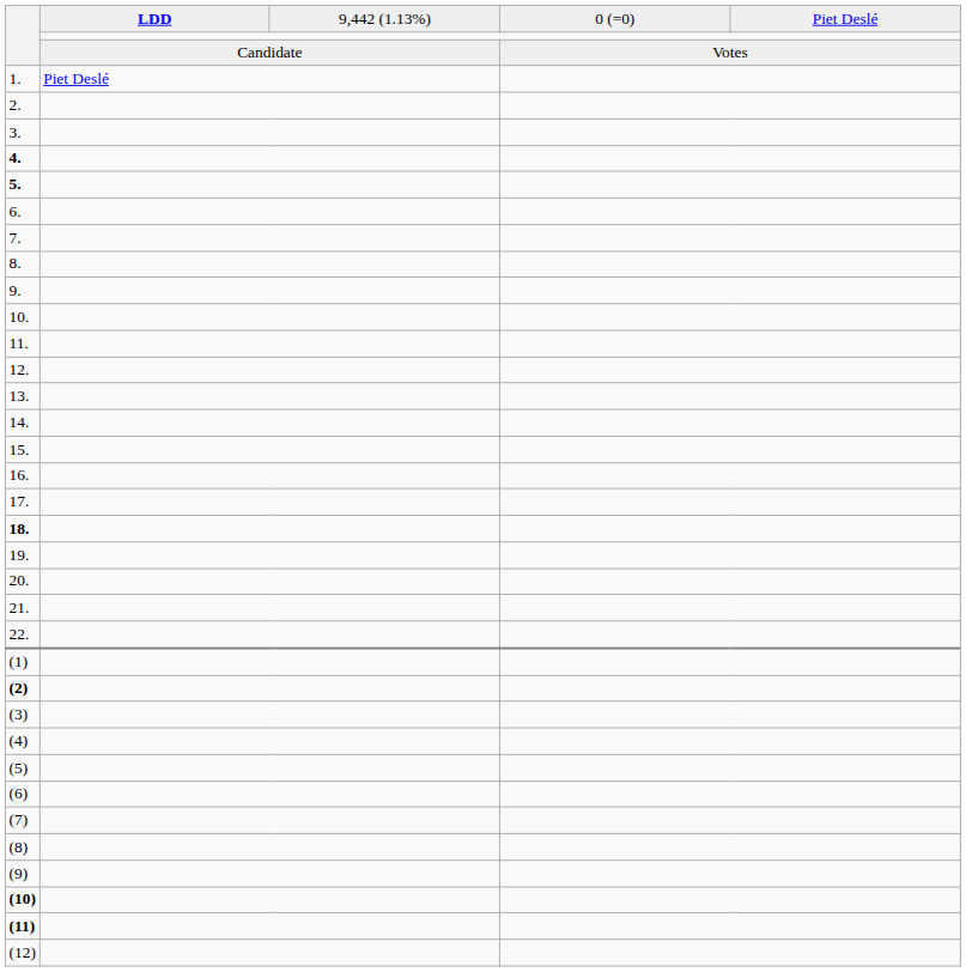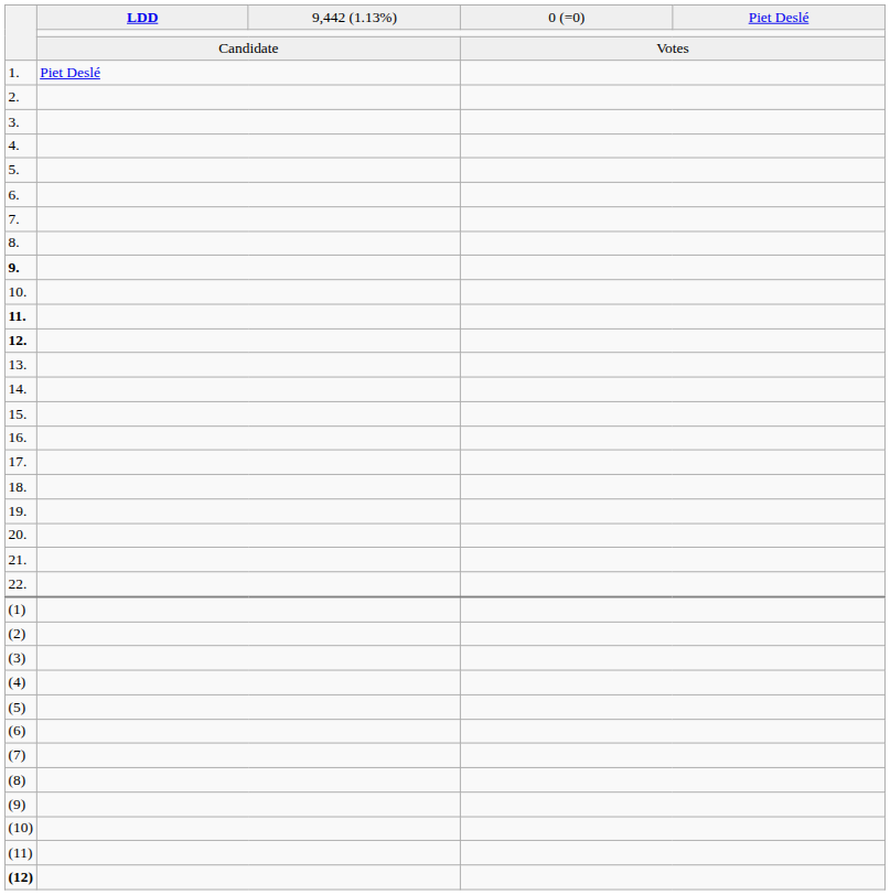 <table class="wikitable collapsible collapsed" style=text-align:left;font-size:90%>
 <tr>
 <th rowspan=3></th>
 <td bgcolor=efefef width=200 align=center><strong> <a href='#'>LDD</a></strong></td>
 <td bgcolor=efefef width=200 align=center>9,442 (1.13%)</td>
 <td bgcolor=efefef width=200 align=center>0 (=0)</td>
 <td bgcolor=efefef width=200 align=center><a href='#'>Piet Deslé</a></td>
 </tr>
 <tr>
 <td colspan=4 bgcolor=></td>
 </tr>
 <tr>
 <td bgcolor=efefef align=center colspan=2>Candidate</td>
 <td bgcolor=efefef align=center colspan=2>Votes</td>
 </tr>
 <tr>
 <td>1.</td>
 <td colspan=2><a href='#'>Piet Deslé</a></td>
 <td colspan=2></td>
 </tr>
 <tr>
 <td>2.</td>
 <td colspan=2></td>
 <td colspan=2></td>
 </tr>
 <tr>
 <td>3.</td>
 <td colspan=2></td>
 <td colspan=2></td>
 </tr>
 <tr>
-<td><strong>4.</strong></td>
+<td>4.</td>
 <td colspan=2></td>
 <td colspan=2></td>
 </tr>
 <tr>
-<td><strong>5.</strong></td>
+<td>5.</td>
 <td colspan=2></td>
 <td colspan=2></td>
 </tr>
 <tr>
 <td>6.</td>
 <td colspan=2></td>
 <td colspan=2></td>
 </tr>
 <tr>
 <td>7.</td>
 <td colspan=2></td>
 <td colspan=2></td>
 </tr>
 <tr>
 <td>8.</td>
 <td colspan=2></td>
 <td colspan=2></td>
 </tr>
 <tr>
-<td>9.</td>
+<td><strong>9.</strong></td>
 <td colspan=2></td>
 <td colspan=2></td>
 </tr>
 <tr>
 <td>10.</td>
 <td colspan=2></td>
 <td colspan=2></td>
 </tr>
 <tr>
-<td>11.</td>
+<td><strong>11.</strong></td>
 <td colspan=2></td>
 <td colspan=2></td>
 </tr>
 <tr>
-<td>12.</td>
+<td><strong>12.</strong></td>
 <td colspan=2></td>
 <td colspan=2></td>
 </tr>
 <tr>
 <td>13.</td>
 <td colspan=2></td>
 <td colspan=2></td>
 </tr>
 <tr>
 <td>14.</td>
 <td colspan=2></td>
 <td colspan=2></td>
 </tr>
 <tr>
 <td>15.</td>
 <td colspan=2></td>
 <td colspan=2></td>
 </tr>
 <tr>
 <td>16.</td>
 <td colspan=2></td>
 <td colspan=2></td>
 </tr>
 <tr>
 <td>17.</td>
 <td colspan=2></td>
 <td colspan=2></td>
 </tr>
 <tr>
-<td><strong>18.</strong></td>
+<td>18.</td>
 <td colspan=2></td>
 <td colspan=2></td>
 </tr>
 <tr>
 <td>19.</td>
 <td colspan=2></td>
 <td colspan=2></td>
 </tr>
 <tr>
 <td>20.</td>
 <td colspan=2></td>
 <td colspan=2></td>
 </tr>
 <tr>
 <td>21.</td>
 <td colspan=2></td>
 <td colspan=2></td>
 </tr>
 <tr>
 <td>22.</td>
 <td colspan=2></td>
 <td colspan=2></td>
 </tr>
 <tr style="border-top:2px solid gray;">
 <td>(1)</td>
 <td colspan=2></td>
 <td colspan=2></td>
 </tr>
 <tr>
-<td><strong>(2)</strong></td>
+<td>(2)</td>
 <td colspan=2></td>
 <td colspan=2></td>
 </tr>
 <tr>
 <td>(3)</td>
 <td colspan=2></td>
 <td colspan=2></td>
 </tr>
 <tr>
 <td>(4)</td>
 <td colspan=2></td>
 <td colspan=2></td>
 </tr>
 <tr>
 <td>(5)</td>
 <td colspan=2></td>
 <td colspan=2></td>
 </tr>
 <tr>
 <td>(6)</td>
 <td colspan=2></td>
 <td colspan=2></td>
 </tr>
 <tr>
 <td>(7)</td>
 <td colspan=2></td>
 <td colspan=2></td>
 </tr>
 <tr>
 <td>(8)</td>
 <td colspan=2></td>
 <td colspan=2></td>
 </tr>
 <tr>
 <td>(9)</td>
 <td colspan=2></td>
 <td colspan=2></td>
 </tr>
 <tr>
-<td><strong>(10)</strong></td>
+<td>(10)</td>
 <td colspan=2></td>
 <td colspan=2></td>
 </tr>
 <tr>
-<td><strong>(11)</strong></td>
+<td>(11)</td>
 <td colspan=2></td>
 <td colspan=2></td>
 </tr>
 <tr>
-<td>(12)</td>
+<td><strong>(12)</strong></td>
 <td colspan=2></td>
 <td colspan=2></td>
 </tr>
 </table>
